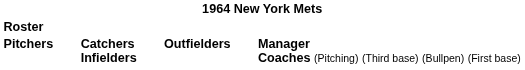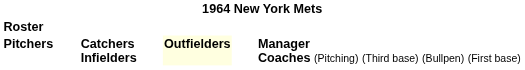 <table class="toccolours" style="font-size: 95%;">
 <tr>
 <th colspan="10">1964 New York Mets</th>
 </tr>
 <tr>
 <td colspan="10"><strong>Roster</strong></td>
 </tr>
 <tr>
 <td valign="top"><strong>Pitchers</strong><br>                   </td>
 <td width="25px"></td>
 <td valign="top"><strong>Catchers</strong><br>   <strong>Infielders</strong>             </td>
 <td width="25px"></td>
-<td valign="top"><strong>Outfielders</strong><br>    </td>
+<td valign="top" style="background: lightyellow;"><strong>Outfielders</strong><br>    </td>
 <td width="25px"></td>
 <td valign="top"><strong>Manager</strong><br> <strong>Coaches</strong>  <small>(Pitching)</small>  <small>(Third base)</small>  <small>(Bullpen)</small>  <small>(First base)</small></td>
 </tr>
 </table>
